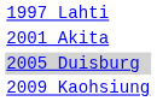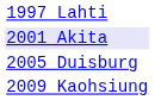 <table>
 <tr>
 <td><a href='#'>1997 Lahti</a></td>
 <td></td>
 <td></td>
 <td></td>
 </tr>
 <tr>
-<td><a href='#'>2001 Akita</a></td>
+<td style="background: lavender;"><a href='#'>2001 Akita</a></td>
 <td></td>
 <td></td>
 <td></td>
 </tr>
 <tr>
-<td style="background: lightgrey;"><a href='#'>2005 Duisburg</a></td>
+<td><a href='#'>2005 Duisburg</a></td>
 <td></td>
 <td></td>
 <td></td>
 </tr>
 <tr>
 <td><a href='#'>2009 Kaohsiung</a></td>
 <td></td>
 <td></td>
 <td></td>
 </tr>
 </table>
